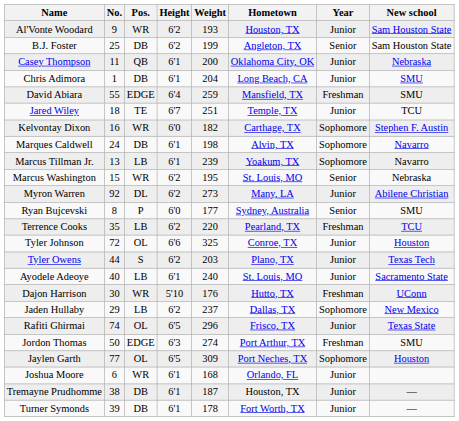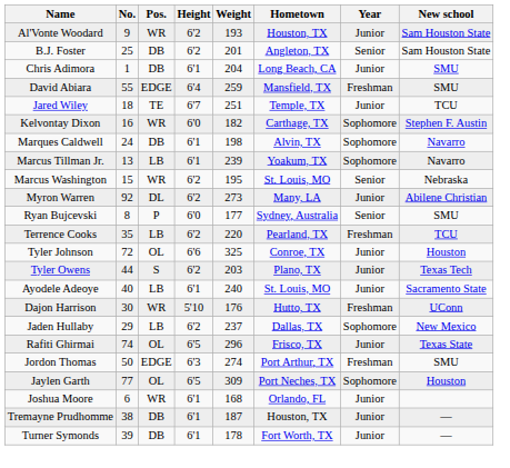 <table class="wikitable sortable">
 <tr>
 <th style="text-align:center; ">Name</th>
 <th style="text-align:center; ">No.</th>
 <th style="text-align:center; ">Pos.</th>
 <th style="text-align:center; ">Height</th>
 <th style="text-align:center; ">Weight</th>
 <th style="text-align:center; ">Hometown</th>
 <th style="text-align:center; ">Year</th>
 <th style="text-align:center; ">New school</th>
 </tr>
 <tr style="background:#eeeeee;"align="center">
 <td>Al'Vonte Woodard</td>
 <td>9</td>
 <td>WR</td>
 <td>6'2</td>
 <td>193</td>
 <td><a href='#'>Houston, TX</a></td>
 <td>Junior</td>
 <td><a href='#'>Sam Houston State</a></td>
 </tr>
 <tr align="center">
 <td>B.J. Foster</td>
 <td>25</td>
 <td>DB</td>
 <td>6'2</td>
-<td>199</td>
+<td>201</td>
 <td><a href='#'>Angleton, TX</a></td>
 <td>Senior</td>
 <td>Sam Houston State</td>
-</tr>
-<tr style="background:#eeeeee;"align="center">
-<td><a href='#'>Casey Thompson</a></td>
-<td>11</td>
-<td>QB</td>
-<td>6'1</td>
-<td>200</td>
-<td><a href='#'>Oklahoma City, OK</a></td>
-<td>Junior</td>
-<td><a href='#'>Nebraska</a></td>
 </tr>
 <tr align="center">
 <td>Chris Adimora</td>
 <td>1</td>
 <td>DB</td>
 <td>6'1</td>
 <td>204</td>
 <td><a href='#'>Long Beach, CA</a></td>
 <td>Junior</td>
 <td><a href='#'>SMU</a></td>
 </tr>
 <tr style="background:#eeeeee;" align="center">
 <td>David Abiara</td>
 <td>55</td>
 <td>EDGE</td>
 <td>6'4</td>
 <td>259</td>
 <td><a href='#'>Mansfield, TX</a></td>
 <td> Freshman</td>
 <td>SMU</td>
 </tr>
 <tr align="center">
 <td><a href='#'>Jared Wiley</a></td>
 <td>18</td>
 <td>TE</td>
 <td>6'7</td>
 <td>251</td>
 <td><a href='#'>Temple, TX</a></td>
 <td>Junior</td>
 <td>TCU</td>
 </tr>
 <tr style="background:#eeeeee;" align="center">
 <td>Kelvontay Dixon</td>
 <td>16</td>
 <td>WR</td>
 <td>6'0</td>
 <td>182</td>
 <td><a href='#'>Carthage, TX</a></td>
 <td>Sophomore</td>
 <td><a href='#'>Stephen F. Austin</a></td>
 </tr>
 <tr align="center">
 <td>Marques Caldwell</td>
 <td>24</td>
 <td>DB</td>
 <td>6'1</td>
 <td>198</td>
 <td><a href='#'>Alvin, TX</a></td>
 <td>Sophomore</td>
 <td><a href='#'>Navarro</a></td>
 </tr>
 <tr style="background:#eeeeee;"align="center">
 <td>Marcus Tillman Jr.</td>
 <td>13</td>
 <td>LB</td>
 <td>6'1</td>
 <td>239</td>
 <td><a href='#'>Yoakum, TX</a></td>
 <td>Sophomore</td>
 <td>Navarro</td>
 </tr>
 <tr align="center">
 <td>Marcus Washington</td>
 <td>15</td>
 <td>WR</td>
 <td>6'2</td>
 <td>195</td>
 <td><a href='#'>St. Louis, MO</a></td>
 <td>Senior</td>
 <td>Nebraska</td>
 </tr>
 <tr style="background:#eeeeee;" align="center">
 <td>Myron Warren</td>
 <td>92</td>
 <td>DL</td>
 <td>6'2</td>
 <td>273</td>
 <td><a href='#'>Many, LA</a></td>
 <td>Junior</td>
 <td><a href='#'>Abilene Christian</a></td>
 </tr>
 <tr align="center">
 <td>Ryan Bujcevski</td>
 <td>8</td>
 <td>P</td>
 <td>6'0</td>
 <td>177</td>
 <td><a href='#'>Sydney, Australia</a></td>
 <td>Senior</td>
 <td>SMU</td>
 </tr>
 <tr style="background:#eeeeee;"align="center">
 <td>Terrence Cooks</td>
 <td>35</td>
 <td>LB</td>
 <td>6'2</td>
 <td>220</td>
 <td><a href='#'>Pearland, TX</a></td>
 <td>Freshman</td>
 <td><a href='#'>TCU</a></td>
 </tr>
 <tr align="center">
 <td>Tyler Johnson</td>
 <td>72</td>
 <td>OL</td>
 <td>6'6</td>
 <td>325</td>
 <td><a href='#'>Conroe, TX</a></td>
 <td>Junior</td>
 <td><a href='#'>Houston</a></td>
 </tr>
 <tr style="background:#eeeeee;"align="center">
 <td><a href='#'>Tyler Owens</a></td>
 <td>44</td>
 <td>S</td>
 <td>6'2</td>
 <td>203</td>
 <td><a href='#'>Plano, TX</a></td>
 <td>Junior</td>
 <td><a href='#'>Texas Tech</a></td>
 </tr>
 <tr align="center">
 <td>Ayodele Adeoye</td>
 <td>40</td>
 <td>LB</td>
 <td>6'1</td>
 <td>240</td>
 <td><a href='#'>St. Louis, MO</a></td>
 <td>Junior</td>
 <td><a href='#'>Sacramento State</a></td>
 </tr>
 <tr style="background:#eeeeee;"align="center">
 <td>Dajon Harrison</td>
 <td>30</td>
 <td>WR</td>
 <td>5'10</td>
 <td>176</td>
 <td><a href='#'>Hutto, TX</a></td>
 <td> Freshman</td>
 <td><a href='#'>UConn</a></td>
 </tr>
 <tr align="center">
 <td>Jaden Hullaby</td>
 <td>29</td>
 <td>LB</td>
 <td>6'2</td>
 <td>237</td>
 <td><a href='#'>Dallas, TX</a></td>
 <td>Sophomore</td>
 <td><a href='#'>New Mexico</a></td>
 </tr>
 <tr style="background:#eeeeee;"align="center">
 <td>Rafiti Ghirmai</td>
 <td>74</td>
 <td>OL</td>
 <td>6'5</td>
 <td>296</td>
 <td><a href='#'>Frisco, TX</a></td>
 <td>Junior</td>
 <td><a href='#'>Texas State</a></td>
 </tr>
 <tr align="center">
 <td>Jordon Thomas</td>
 <td>50</td>
 <td>EDGE</td>
 <td>6'3</td>
 <td>274</td>
 <td><a href='#'>Port Arthur, TX</a></td>
 <td> Freshman</td>
 <td>SMU</td>
 </tr>
 <tr style="background:#eeeeee;"align="center">
 <td>Jaylen Garth</td>
 <td>77</td>
 <td>OL</td>
 <td>6'5</td>
 <td>309</td>
 <td><a href='#'>Port Neches, TX</a></td>
 <td>Sophomore</td>
 <td><a href='#'>Houston</a></td>
 </tr>
 <tr align="center">
 <td>Joshua Moore</td>
 <td>6</td>
 <td>WR</td>
 <td>6'1</td>
 <td>168</td>
 <td><a href='#'>Orlando, FL</a></td>
 <td>Junior</td>
 <td></td>
 </tr>
 <tr style="background:#eeeeee;"align="center">
 <td>Tremayne Prudhomme</td>
 <td>38</td>
 <td>DB</td>
 <td>6'1</td>
 <td>187</td>
 <td>Houston, TX</td>
 <td>Junior</td>
 <td>—</td>
 </tr>
 <tr align="center">
 <td>Turner Symonds</td>
 <td>39</td>
 <td>DB</td>
 <td>6'1</td>
 <td>178</td>
 <td><a href='#'>Fort Worth, TX</a></td>
 <td>Junior</td>
 <td>—</td>
 </tr>
 </table>
